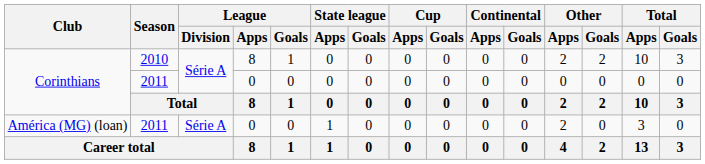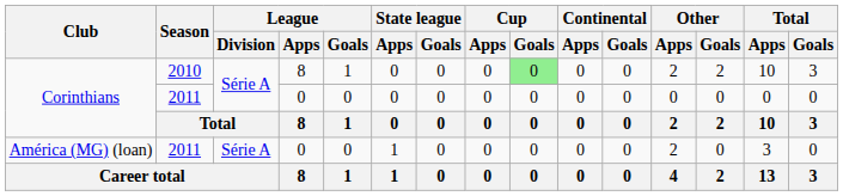 <table class="wikitable" style="text-align: center">
 <tr>
 <th rowspan="2">Club</th>
 <th rowspan="2">Season</th>
 <th colspan="3">League</th>
 <th colspan="2">State league</th>
 <th colspan="2">Cup</th>
 <th colspan="2">Continental</th>
 <th colspan="2">Other</th>
 <th colspan="2">Total</th>
 </tr>
 <tr>
 <th>Division</th>
 <th>Apps</th>
 <th>Goals</th>
 <th>Apps</th>
 <th>Goals</th>
 <th>Apps</th>
 <th>Goals</th>
 <th>Apps</th>
 <th>Goals</th>
 <th>Apps</th>
 <th>Goals</th>
 <th>Apps</th>
 <th>Goals</th>
 </tr>
 <tr>
 <td rowspan="3"><a href='#'>Corinthians</a></td>
 <td><a href='#'>2010</a></td>
 <td rowspan="2"><a href='#'>Série A</a></td>
 <td>8</td>
 <td>1</td>
 <td>0</td>
 <td>0</td>
 <td>0</td>
-<td>0</td>
+<td style="background: lightgreen;">0</td>
 <td>0</td>
 <td>0</td>
 <td>2</td>
 <td>2</td>
 <td>10</td>
 <td>3</td>
 </tr>
 <tr>
 <td><a href='#'>2011</a></td>
 <td>0</td>
 <td>0</td>
 <td>0</td>
 <td>0</td>
 <td>0</td>
 <td>0</td>
 <td>0</td>
 <td>0</td>
 <td>0</td>
 <td>0</td>
 <td>0</td>
 <td>0</td>
 </tr>
 <tr>
 <th colspan="2"><strong>Total</strong></th>
 <th>8</th>
 <th>1</th>
 <th>0</th>
 <th>0</th>
 <th>0</th>
 <th>0</th>
 <th>0</th>
 <th>0</th>
 <th>2</th>
 <th>2</th>
 <th>10</th>
 <th>3</th>
 </tr>
 <tr>
 <td><a href='#'>América (MG)</a> (loan)</td>
 <td><a href='#'>2011</a></td>
 <td><a href='#'>Série A</a></td>
 <td>0</td>
 <td>0</td>
 <td>1</td>
 <td>0</td>
 <td>0</td>
 <td>0</td>
 <td>0</td>
 <td>0</td>
 <td>2</td>
 <td>0</td>
 <td>3</td>
 <td>0</td>
 </tr>
 <tr>
 <th colspan="3"><strong>Career total</strong></th>
 <th>8</th>
 <th>1</th>
 <th>1</th>
 <th>0</th>
 <th>0</th>
 <th>0</th>
 <th>0</th>
 <th>0</th>
 <th>4</th>
 <th>2</th>
 <th>13</th>
 <th>3</th>
 </tr>
 </table>
